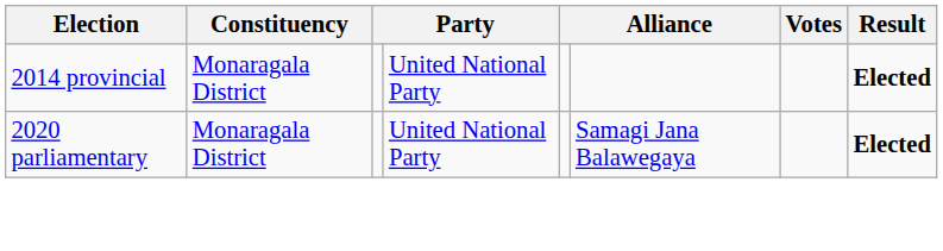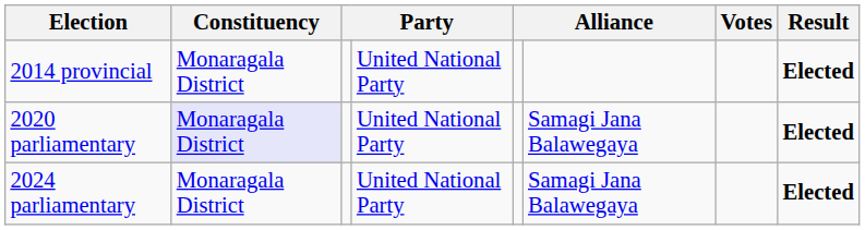 <table class="wikitable" style="text-align:left;">
 <tr>
 <th scope=col>Election</th>
 <th scope=col>Constituency</th>
 <th scope=col colspan="2">Party</th>
 <th scope=col colspan="2">Alliance</th>
 <th scope=col>Votes</th>
 <th scope=col>Result</th>
 </tr>
 <tr>
 <td><a href='#'>2014 provincial</a></td>
 <td><a href='#'>Monaragala District</a></td>
 <td style="background:"></td>
 <td><a href='#'>United National Party</a></td>
 <td></td>
 <td></td>
 <td align=right></td>
 <td><strong>Elected</strong></td>
 </tr>
 <tr>
 <td><a href='#'>2020 parliamentary</a></td>
+<td style="background: lavender;"><a href='#'>Monaragala District</a></td>
+<td style="background:"></td>
+<td><a href='#'>United National Party</a></td>
+<td style="background:"></td>
+<td><a href='#'>Samagi Jana Balawegaya</a></td>
+<td align=right></td>
+<td><strong>Elected</strong></td>
+</tr>
+<tr>
+<td><a href='#'>2024 parliamentary</a></td>
 <td><a href='#'>Monaragala District</a></td>
 <td style="background:"></td>
 <td><a href='#'>United National Party</a></td>
 <td style="background:"></td>
 <td><a href='#'>Samagi Jana Balawegaya</a></td>
 <td align=right></td>
 <td><strong>Elected</strong></td>
 </tr>
 </table>
